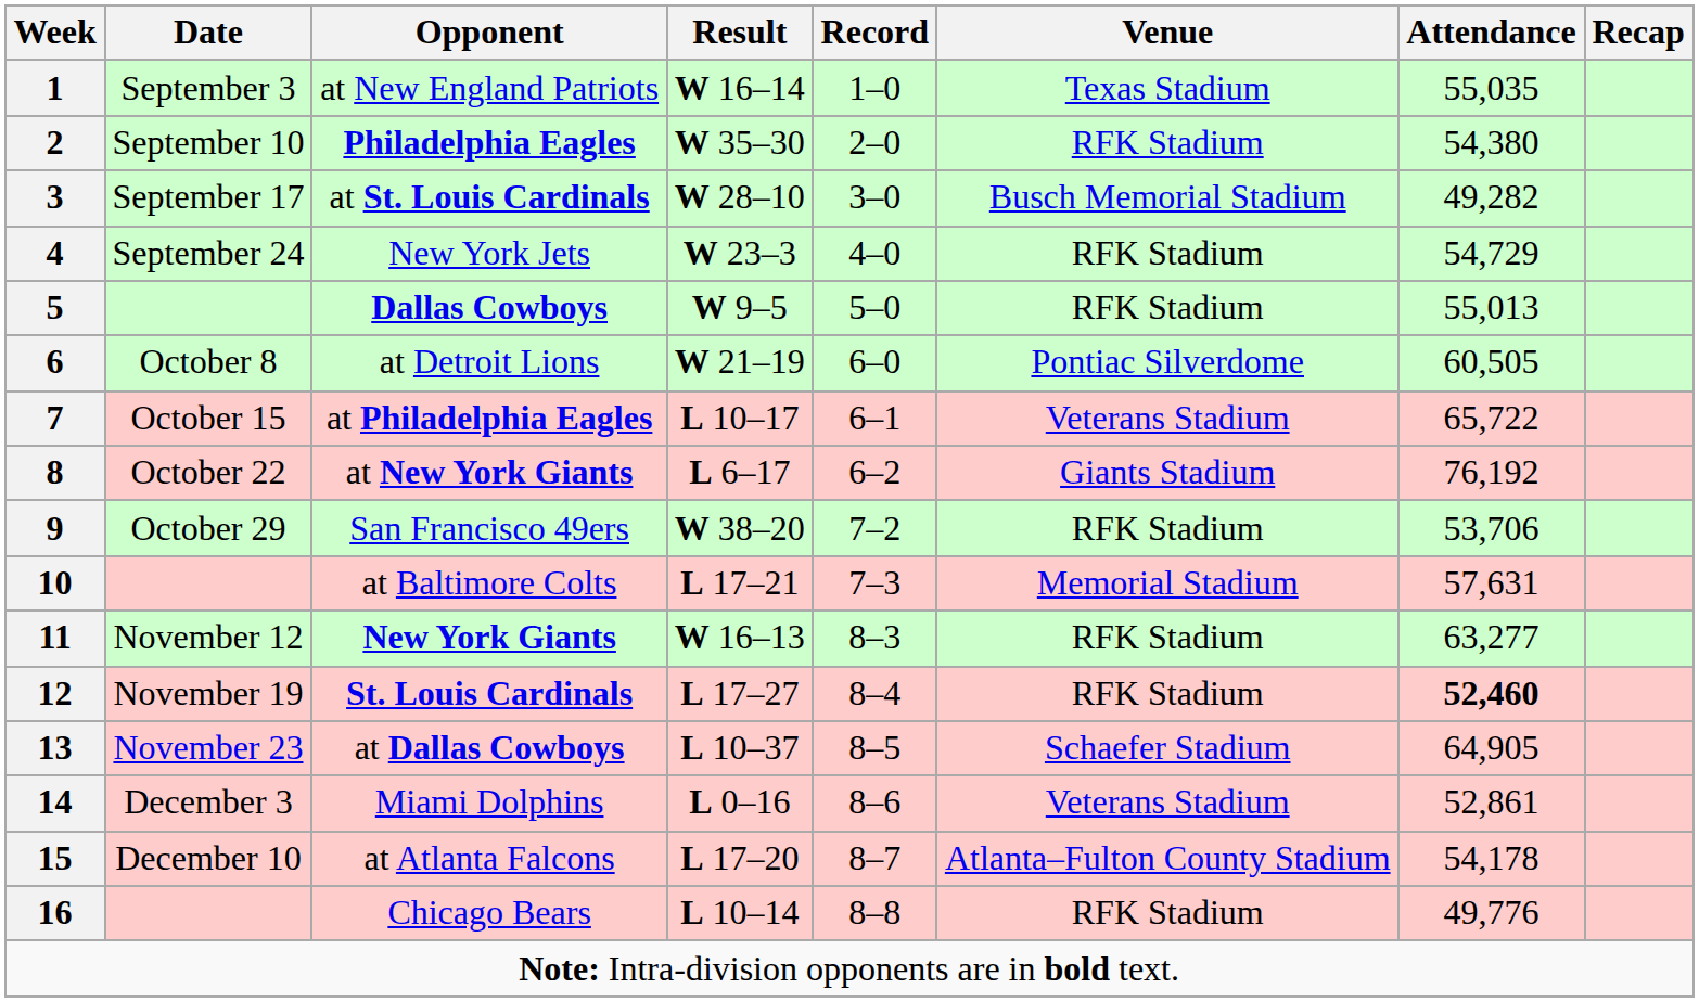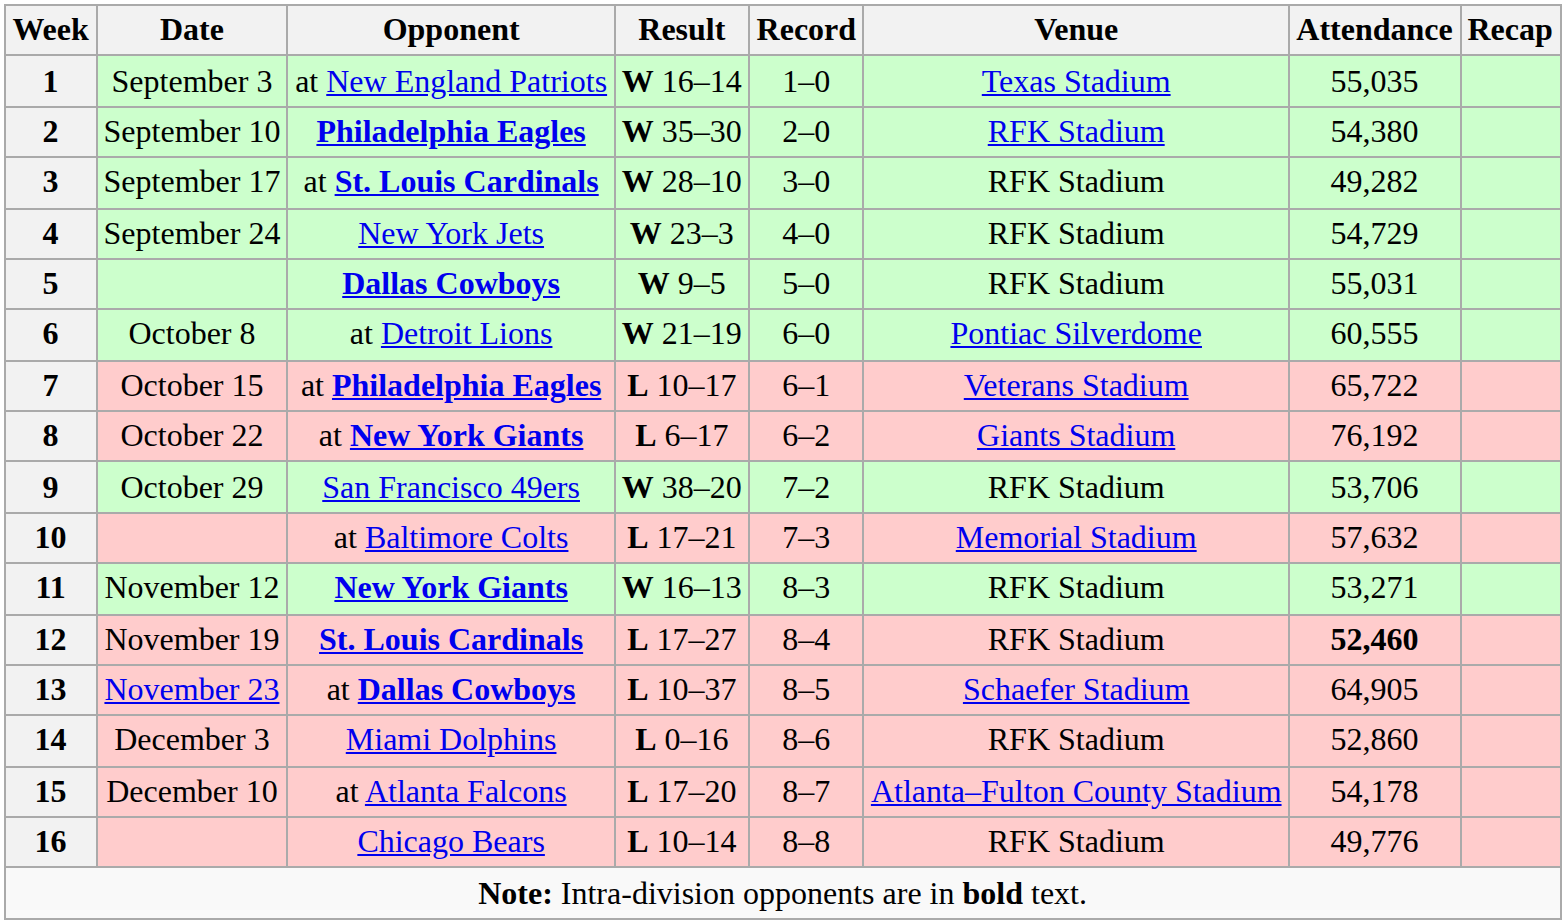 <table class="wikitable" style="text-align:center">
 <tr>
 <th>Week</th>
 <th>Date</th>
 <th>Opponent</th>
 <th>Result</th>
 <th>Record</th>
 <th>Venue</th>
 <th>Attendance</th>
 <th>Recap</th>
 </tr>
 <tr style="background:#cfc">
 <th>1</th>
 <td>September 3</td>
 <td>at <a href='#'>New England Patriots</a></td>
 <td><strong>W</strong> 16–14</td>
 <td>1–0</td>
 <td><a href='#'>Texas Stadium</a></td>
 <td>55,035</td>
 <td></td>
 </tr>
 <tr style="background:#cfc">
 <th>2</th>
 <td>September 10</td>
 <td><strong><a href='#'>Philadelphia Eagles</a></strong></td>
 <td><strong>W</strong> 35–30</td>
 <td>2–0</td>
 <td><a href='#'>RFK Stadium</a></td>
 <td>54,380</td>
 <td></td>
 </tr>
 <tr style="background:#cfc">
 <th>3</th>
 <td>September 17</td>
 <td>at <strong><a href='#'>St. Louis Cardinals</a></strong></td>
 <td><strong>W</strong> 28–10</td>
 <td>3–0</td>
-<td><a href='#'>Busch Memorial Stadium</a></td>
+<td>RFK Stadium</td>
 <td>49,282</td>
 <td></td>
 </tr>
 <tr style="background:#cfc">
 <th>4</th>
 <td>September 24</td>
 <td><a href='#'>New York Jets</a></td>
 <td><strong>W</strong> 23–3</td>
 <td>4–0</td>
 <td>RFK Stadium</td>
 <td>54,729</td>
 <td></td>
 </tr>
 <tr style="background:#cfc">
 <th>5</th>
 <td></td>
 <td><strong><a href='#'>Dallas Cowboys</a></strong></td>
 <td><strong>W</strong> 9–5</td>
 <td>5–0</td>
 <td>RFK Stadium</td>
-<td>55,013</td>
+<td>55,031</td>
 <td></td>
 </tr>
 <tr style="background:#cfc">
 <th>6</th>
 <td>October 8</td>
 <td>at <a href='#'>Detroit Lions</a></td>
 <td><strong>W</strong> 21–19</td>
 <td>6–0</td>
 <td><a href='#'>Pontiac Silverdome</a></td>
-<td>60,505</td>
+<td>60,555</td>
 <td></td>
 </tr>
 <tr style="background:#fcc">
 <th>7</th>
 <td>October 15</td>
 <td>at <strong><a href='#'>Philadelphia Eagles</a></strong></td>
 <td><strong>L</strong> 10–17</td>
 <td>6–1</td>
 <td><a href='#'>Veterans Stadium</a></td>
 <td>65,722</td>
 <td></td>
 </tr>
 <tr style="background:#fcc">
 <th>8</th>
 <td>October 22</td>
 <td>at <strong><a href='#'>New York Giants</a></strong></td>
 <td><strong>L</strong> 6–17</td>
 <td>6–2</td>
 <td><a href='#'>Giants Stadium</a></td>
 <td>76,192</td>
 <td></td>
 </tr>
 <tr style="background:#cfc">
 <th>9</th>
 <td>October 29</td>
 <td><a href='#'>San Francisco 49ers</a></td>
 <td><strong>W</strong> 38–20</td>
 <td>7–2</td>
 <td>RFK Stadium</td>
 <td>53,706</td>
 <td></td>
 </tr>
 <tr style="background:#fcc">
 <th>10</th>
 <td></td>
 <td>at <a href='#'>Baltimore Colts</a></td>
 <td><strong>L</strong> 17–21</td>
 <td>7–3</td>
 <td><a href='#'>Memorial Stadium</a></td>
-<td>57,631</td>
+<td>57,632</td>
 <td></td>
 </tr>
 <tr style="background:#cfc">
 <th>11</th>
 <td>November 12</td>
 <td><strong><a href='#'>New York Giants</a></strong></td>
 <td><strong>W</strong> 16–13</td>
 <td>8–3</td>
 <td>RFK Stadium</td>
-<td>63,277</td>
+<td>53,271</td>
 <td></td>
 </tr>
 <tr style="background:#fcc">
 <th>12</th>
 <td>November 19</td>
 <td><strong><a href='#'>St. Louis Cardinals</a></strong></td>
 <td><strong>L</strong> 17–27</td>
 <td>8–4</td>
 <td>RFK Stadium</td>
 <td><strong>52,460</strong></td>
 <td></td>
 </tr>
 <tr style="background:#fcc">
 <th>13</th>
 <td><a href='#'>November 23</a></td>
 <td>at <strong><a href='#'>Dallas Cowboys</a></strong></td>
 <td><strong>L</strong> 10–37</td>
 <td>8–5</td>
 <td><a href='#'>Schaefer Stadium</a></td>
 <td>64,905</td>
 <td></td>
 </tr>
 <tr style="background:#fcc">
 <th>14</th>
 <td>December 3</td>
 <td><a href='#'>Miami Dolphins</a></td>
 <td><strong>L</strong> 0–16</td>
 <td>8–6</td>
-<td><a href='#'>Veterans Stadium</a></td>
-<td>52,861</td>
+<td>RFK Stadium</td>
+<td>52,860</td>
 <td></td>
 </tr>
 <tr style="background:#fcc">
 <th>15</th>
 <td>December 10</td>
 <td>at <a href='#'>Atlanta Falcons</a></td>
 <td><strong>L</strong> 17–20</td>
 <td>8–7</td>
 <td><a href='#'>Atlanta–Fulton County Stadium</a></td>
 <td>54,178</td>
 <td></td>
 </tr>
 <tr style="background:#fcc">
 <th>16</th>
 <td></td>
 <td><a href='#'>Chicago Bears</a></td>
 <td><strong>L</strong> 10–14</td>
 <td>8–8</td>
 <td>RFK Stadium</td>
 <td>49,776</td>
 <td></td>
 </tr>
 <tr>
 <td colspan="8"><strong>Note:</strong> Intra-division opponents are in <strong>bold</strong> text.</td>
 </tr>
 </table>
